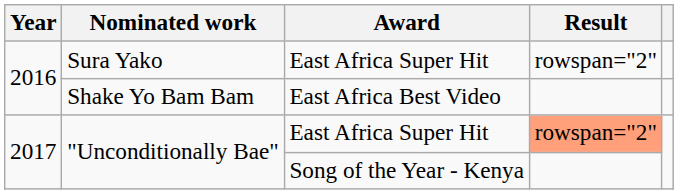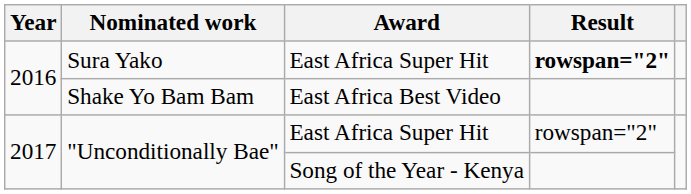 <table class ="wikitable">
 <tr>
 <th>Year</th>
 <th>Nominated work</th>
 <th>Award</th>
 <th>Result</th>
 <th></th>
 </tr>
 <tr>
 <td rowspan="2">2016</td>
 <td>Sura Yako</td>
 <td>East Africa Super Hit</td>
-<td>rowspan="2" </td>
+<td><strong>rowspan="2" </strong></td>
 <td></td>
 </tr>
 <tr>
 <td>Shake Yo Bam Bam</td>
 <td>East Africa Best Video</td>
 <td></td>
 </tr>
 <tr>
 <td rowspan="2">2017</td>
 <td rowspan="2">"Unconditionally Bae" </td>
 <td>East Africa Super Hit</td>
-<td style="background: lightsalmon;">rowspan="2" </td>
+<td>rowspan="2" </td>
 <td rowspan="2"></td>
 </tr>
 <tr>
 <td>Song of the Year - Kenya</td>
 </tr>
 </table>
